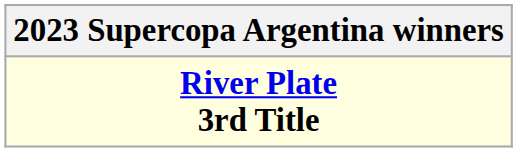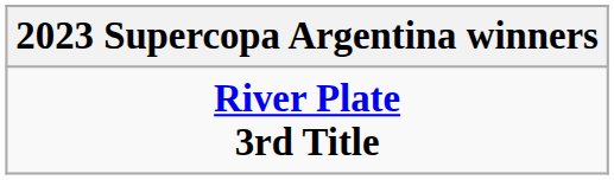 <table class="wikitable" style="text-align: center; margin: 0 auto;">
 <tr>
 <th>2023 Supercopa Argentina winners</th>
 </tr>
 <tr>
-<td style="background: lightyellow;"><strong><a href='#'>River Plate</a></strong><br><strong> 3rd Title</strong></td>
+<td><strong><a href='#'>River Plate</a></strong><br><strong> 3rd Title</strong></td>
 </tr>
 </table>
